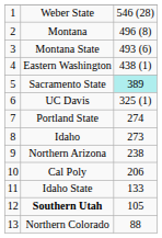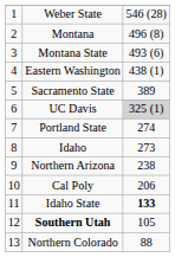 <table class="wikitable" style="display: inline-table;">
 <tr align="center">
 </tr>
 <tr align="center">
 <td>1</td>
 <td>Weber State</td>
 <td>546 (28)</td>
 </tr>
 <tr align="center">
 <td>2</td>
 <td>Montana</td>
 <td>496 (8)</td>
 </tr>
 <tr align="center">
 <td>3</td>
 <td>Montana State</td>
 <td>493 (6)</td>
 </tr>
 <tr align="center">
 <td>4</td>
 <td>Eastern Washington</td>
 <td>438 (1)</td>
 </tr>
 <tr align="center">
 <td>5</td>
 <td>Sacramento State</td>
-<td style="background: paleturquoise;">389</td>
+<td>389</td>
 </tr>
 <tr align="center">
 <td>6</td>
 <td>UC Davis</td>
-<td>325 (1)</td>
+<td style="background: lightgrey;">325 (1)</td>
 </tr>
 <tr align="center">
 <td>7</td>
 <td>Portland State</td>
 <td>274</td>
 </tr>
 <tr align="center">
 <td>8</td>
 <td>Idaho</td>
 <td>273</td>
 </tr>
 <tr align="center">
 <td>9</td>
 <td>Northern Arizona</td>
 <td>238</td>
 </tr>
 <tr align="center">
 <td>10</td>
 <td>Cal Poly</td>
 <td>206</td>
 </tr>
 <tr align="center">
 <td>11</td>
 <td>Idaho State</td>
-<td>133</td>
+<td><strong>133</strong></td>
 </tr>
 <tr align="center">
 <td>12</td>
 <td><strong>Southern Utah</strong></td>
 <td>105</td>
 </tr>
 <tr align="center">
 <td>13</td>
 <td>Northern Colorado</td>
 <td>88</td>
 </tr>
 </table>
